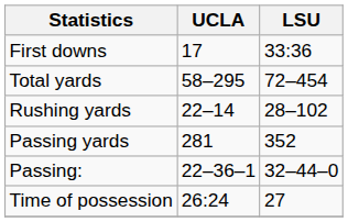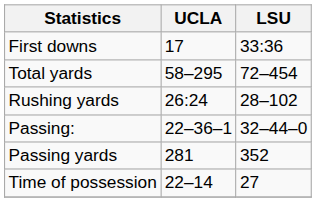 <table class="wikitable" style="float: left;">
 <tr>
 <th>Statistics</th>
 <th>UCLA</th>
 <th>LSU</th>
 </tr>
 <tr>
 <td>First downs</td>
 <td>17</td>
 <td>33:36</td>
 </tr>
 <tr>
 <td>Total yards</td>
 <td>58–295</td>
 <td>72–454</td>
 </tr>
 <tr>
 <td>Rushing yards</td>
-<td>22–14</td>
+<td>26:24</td>
 <td>28–102</td>
+</tr>
+<tr>
+<td>Passing:</td>
+<td>22–36–1</td>
+<td>32–44–0</td>
 </tr>
 <tr>
 <td>Passing yards</td>
 <td>281</td>
 <td>352</td>
 </tr>
 <tr>
-<td>Passing:</td>
-<td>22–36–1</td>
-<td>32–44–0</td>
-</tr>
-<tr>
 <td>Time of possession</td>
-<td>26:24</td>
+<td>22–14</td>
 <td>27</td>
 </tr>
 <tr>
 </tr>
 </table>
